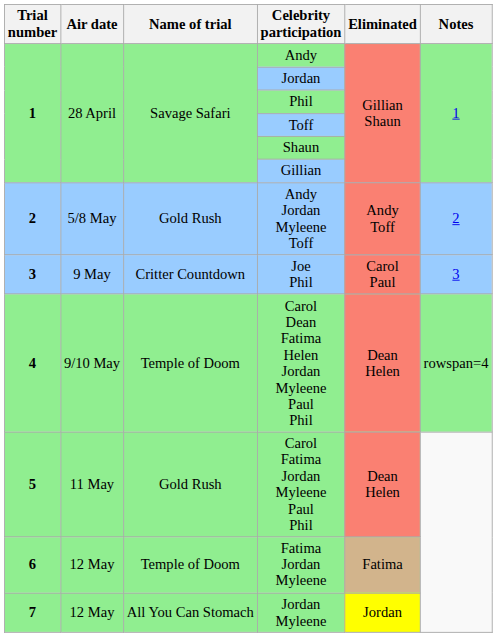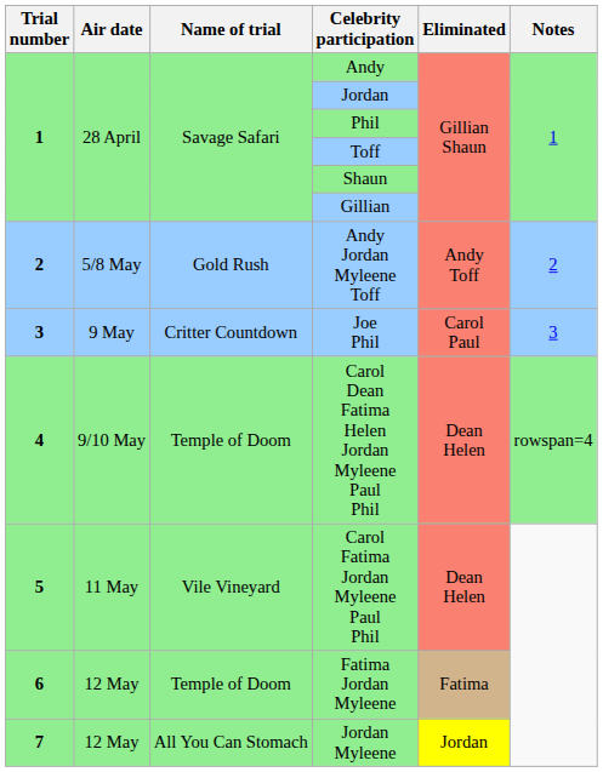 <table class=wikitable style="text-align:center">
 <tr>
 <th scope="col">Trial<br>number</th>
 <th scope="col">Air date</th>
 <th scope="col">Name of trial</th>
 <th scope="col">Celebrity<br>participation</th>
 <th scope="col">Eliminated</th>
 <th scope="col">Notes</th>
 </tr>
 <tr style="background:lightgreen;">
 <td rowspan="6"><strong>1</strong></td>
 <td rowspan="6">28 April</td>
 <td rowspan="6">Savage Safari</td>
 <td>Andy</td>
 <td rowspan="6" style="background:salmon;">Gillian<br>Shaun<br></td>
 <td rowspan="6"><a href='#'>1</a></td>
 </tr>
 <tr style="background:#99CCFF;">
 <td>Jordan</td>
 </tr>
 <tr style="background:lightgreen;">
 <td>Phil</td>
 </tr>
 <tr style="background:#99CCFF;">
 <td>Toff</td>
 </tr>
 <tr style="background:lightgreen;">
 <td>Shaun</td>
 </tr>
 <tr style="background:#99CCFF;">
 <td>Gillian</td>
 </tr>
 <tr style="background:#99CCFF;">
 <td><strong>2</strong></td>
 <td>5/8 May</td>
 <td>Gold Rush</td>
 <td>Andy<br>Jordan<br>Myleene<br>Toff</td>
 <td style="background:salmon;">Andy<br>Toff</td>
 <td><a href='#'>2</a></td>
 </tr>
 <tr style="background:#99CCFF;">
 <td><strong>3</strong></td>
 <td>9 May</td>
 <td>Critter Countdown</td>
 <td>Joe<br>Phil</td>
 <td style="background:salmon;">Carol<br>Paul</td>
 <td><a href='#'>3</a></td>
 </tr>
 <tr style="background:lightgreen;">
 <td><strong>4 </strong></td>
 <td>9/10 May</td>
 <td>Temple of Doom</td>
 <td>Carol<br>Dean<br>Fatima<br>Helen<br>Jordan<br>Myleene<br>Paul<br>Phil</td>
 <td style="background:salmon;">Dean<br>Helen</td>
 <td>rowspan=4 </td>
 </tr>
 <tr style="background:lightgreen;">
 <td><strong>5 </strong></td>
 <td>11 May</td>
-<td>Gold Rush</td>
+<td>Vile Vineyard</td>
 <td>Carol<br>Fatima<br>Jordan<br>Myleene<br>Paul<br>Phil</td>
 <td style="background:salmon;">Dean<br>Helen</td>
 </tr>
 <tr style="background:lightgreen;">
 <td><strong>6</strong></td>
 <td>12 May</td>
 <td>Temple of Doom</td>
 <td>Fatima<br>Jordan<br>Myleene</td>
 <td style="background:tan;">Fatima</td>
 </tr>
 <tr style="background:lightgreen;">
 <td><strong>7</strong></td>
 <td>12 May</td>
 <td>All You Can Stomach</td>
 <td>Jordan<br>Myleene</td>
 <td style="background:yellow;">Jordan</td>
 </tr>
 </table>
